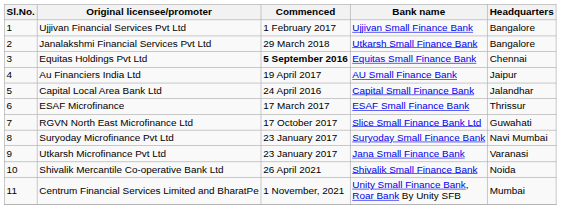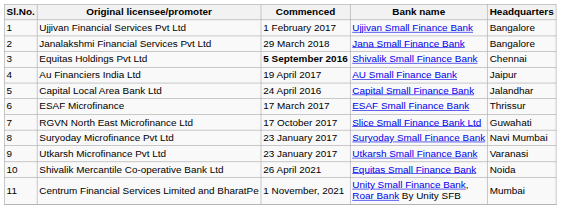 <table class="wikitable sortable">
 <tr>
 <th><strong>Sl.No.</strong></th>
 <th><strong>Original licensee/promoter</strong></th>
 <th><strong>Commenced</strong></th>
 <th><strong>Bank name</strong></th>
 <th><strong>Headquarters</strong></th>
 </tr>
 <tr>
 <td>1</td>
 <td>Ujjivan Financial Services Pvt Ltd</td>
 <td>1 February 2017</td>
 <td><a href='#'>Ujjivan Small Finance Bank</a></td>
 <td>Bangalore</td>
 </tr>
 <tr>
 <td>2</td>
 <td>Janalakshmi Financial Services Pvt Ltd</td>
 <td>29 March 2018</td>
-<td><a href='#'>Utkarsh Small Finance Bank</a></td>
+<td><a href='#'>Jana Small Finance Bank</a></td>
 <td>Bangalore</td>
 </tr>
 <tr>
 <td>3</td>
 <td>Equitas Holdings Pvt Ltd</td>
 <td><strong>5 September 2016</strong></td>
-<td><a href='#'>Equitas Small Finance Bank</a></td>
+<td><a href='#'>Shivalik Small Finance Bank</a></td>
 <td>Chennai</td>
 </tr>
 <tr>
 <td>4</td>
 <td>Au Financiers India Ltd</td>
 <td>19 April 2017</td>
 <td><a href='#'>AU Small Finance Bank</a></td>
 <td>Jaipur</td>
 </tr>
 <tr>
 <td>5</td>
 <td>Capital Local Area Bank Ltd</td>
 <td>24 April 2016</td>
 <td><a href='#'>Capital Small Finance Bank</a></td>
 <td>Jalandhar</td>
 </tr>
 <tr>
 <td>6</td>
 <td>ESAF Microfinance</td>
 <td>17 March 2017</td>
 <td><a href='#'>ESAF Small Finance Bank</a></td>
 <td>Thrissur</td>
 </tr>
 <tr>
 <td>7</td>
 <td>RGVN North East Microfinance Ltd</td>
 <td>17 October 2017</td>
 <td><a href='#'>Slice Small Finance Bank Ltd</a></td>
 <td>Guwahati</td>
 </tr>
 <tr>
 <td>8</td>
 <td>Suryoday Microfinance Pvt Ltd</td>
 <td>23 January 2017</td>
 <td><a href='#'>Suryoday Small Finance Bank</a></td>
 <td>Navi Mumbai</td>
 </tr>
 <tr>
 <td>9</td>
 <td>Utkarsh Microfinance Pvt Ltd</td>
 <td>23 January 2017</td>
-<td><a href='#'>Jana Small Finance Bank</a></td>
+<td><a href='#'>Utkarsh Small Finance Bank</a></td>
 <td>Varanasi</td>
 </tr>
 <tr>
 <td>10</td>
 <td>Shivalik Mercantile Co-operative Bank Ltd</td>
 <td>26 April 2021</td>
-<td><a href='#'>Shivalik Small Finance Bank</a></td>
+<td><a href='#'>Equitas Small Finance Bank</a></td>
 <td>Noida</td>
 </tr>
 <tr>
 <td>11</td>
 <td>Centrum Financial Services Limited and BharatPe</td>
 <td>1 November, 2021</td>
 <td><a href='#'>Unity Small Finance Bank</a>,<br><a href='#'>Roar Bank</a> By Unity SFB</td>
 <td>Mumbai</td>
 </tr>
 <tr>
 </tr>
 </table>
